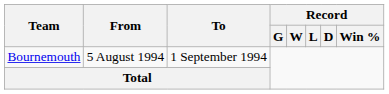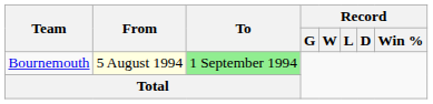 <table class="wikitable" style="text-align: center">
 <tr>
 <th rowspan="2">Team</th>
 <th rowspan="2">From</th>
 <th rowspan="2">To</th>
 <th colspan="5">Record</th>
 </tr>
 <tr>
 <th>G</th>
 <th>W</th>
 <th>L</th>
 <th>D</th>
 <th>Win %</th>
 </tr>
 <tr>
 <td align=left><a href='#'>Bournemouth</a></td>
-<td align=left>5 August 1994</td>
-<td align=left>1 September 1994<br></td>
+<td align=left style="background: lightyellow;">5 August 1994</td>
+<td align=left style="background: lightgreen;">1 September 1994<br></td>
 </tr>
 <tr>
 <th colspan="3">Total<br></th>
 </tr>
 </table>
